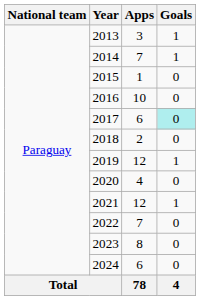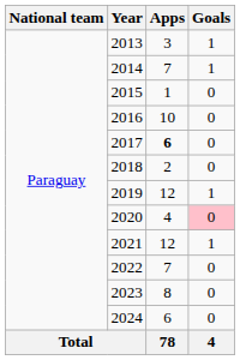 <table class="wikitable" style="text-align:center">
 <tr>
 <th>National team</th>
 <th>Year</th>
 <th>Apps</th>
 <th>Goals</th>
 </tr>
 <tr>
 <td rowspan=12><a href='#'>Paraguay</a></td>
 <td>2013</td>
 <td>3</td>
 <td>1</td>
 </tr>
 <tr>
 <td>2014</td>
 <td>7</td>
 <td>1</td>
 </tr>
 <tr>
 <td>2015</td>
 <td>1</td>
 <td>0</td>
 </tr>
 <tr>
 <td>2016</td>
 <td>10</td>
 <td>0</td>
 </tr>
 <tr>
 <td>2017</td>
-<td>6</td>
-<td style="background: paleturquoise;">0</td>
+<td><strong>6</strong></td>
+<td>0</td>
 </tr>
 <tr>
 <td>2018</td>
 <td>2</td>
 <td>0</td>
 </tr>
 <tr>
 <td>2019</td>
 <td>12</td>
 <td>1</td>
 </tr>
 <tr>
 <td>2020</td>
 <td>4</td>
-<td>0</td>
+<td style="background: pink;">0</td>
 </tr>
 <tr>
 <td>2021</td>
 <td>12</td>
 <td>1</td>
 </tr>
 <tr>
 <td>2022</td>
 <td>7</td>
 <td>0</td>
 </tr>
 <tr>
 <td>2023</td>
 <td>8</td>
 <td>0</td>
 </tr>
 <tr>
 <td>2024</td>
 <td>6</td>
 <td>0</td>
 </tr>
 <tr>
 <th colspan=2>Total</th>
 <th>78</th>
 <th>4</th>
 </tr>
 </table>
